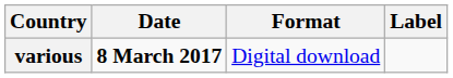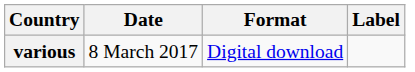 <table class="wikitable plainrowheaders">
 <tr>
 <th scope="col">Country</th>
 <th scope="col">Date</th>
 <th scope="col">Format</th>
 <th scope="col">Label</th>
 </tr>
 <tr>
 <th scope="row">various</th>
-<td><strong>8 March 2017</strong></td>
+<td>8 March 2017</td>
 <td><a href='#'>Digital download</a></td>
 </tr>
 </table>
